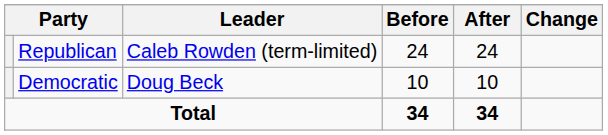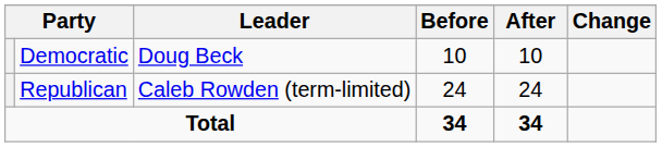 <table class="wikitable" style="text-align:center;">
 <tr>
 </tr>
 <tr>
 <th colspan="2">Party</th>
 <th>Leader</th>
 <th style="width:3em">Before</th>
 <th style="width:3em">After</th>
 <th style="width:3em">Change</th>
 </tr>
 <tr>
 <th style="background-color:"></th>
+<td style="text-align:left;"><a href='#'>Democratic</a></td>
+<td style="text-align:left;"><a href='#'>Doug Beck</a></td>
+<td>10</td>
+<td>10</td>
+<td></td>
+</tr>
+<tr>
+<th style="background-color:"></th>
 <td style="text-align:left;"><a href='#'>Republican</a></td>
 <td style="text-align:left;"><a href='#'>Caleb Rowden</a> (term-limited)</td>
 <td>24</td>
 <td>24</td>
-<td></td>
-</tr>
-<tr>
-<th style="background-color:"></th>
-<td style="text-align:left;"><a href='#'>Democratic</a></td>
-<td style="text-align:left;"><a href='#'>Doug Beck</a></td>
-<td>10</td>
-<td>10</td>
 <td></td>
 </tr>
 <tr>
 <td colspan="3"><strong>Total</strong></td>
 <td><strong>34</strong></td>
 <td><strong>34</strong></td>
 <td></td>
 </tr>
 </table>
